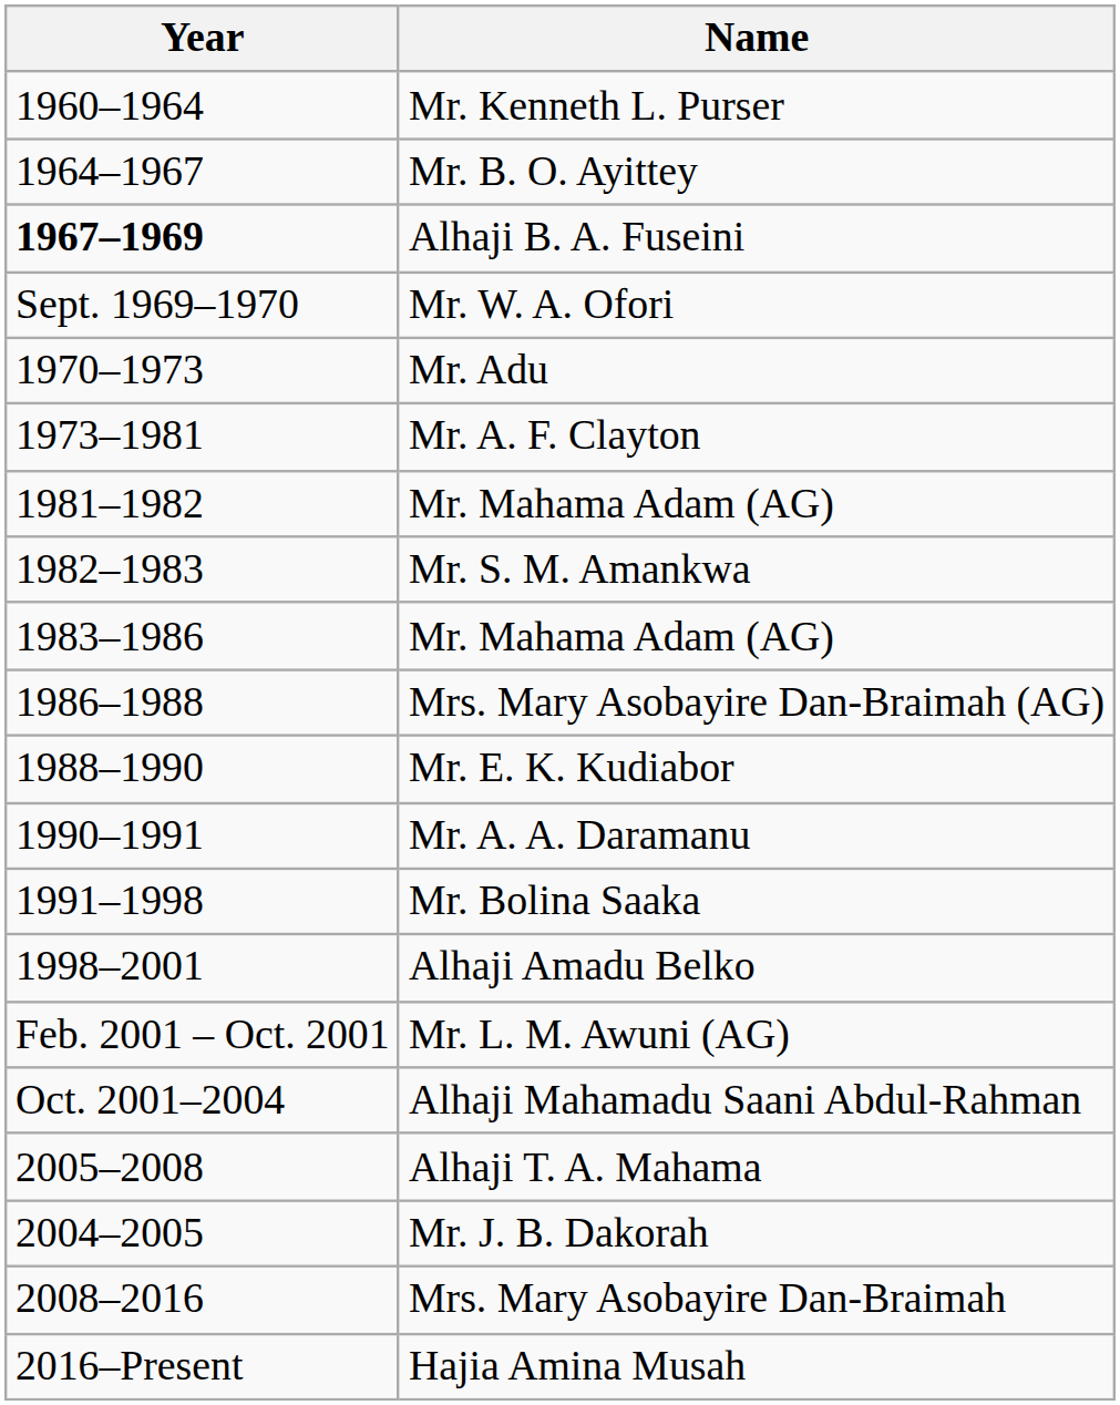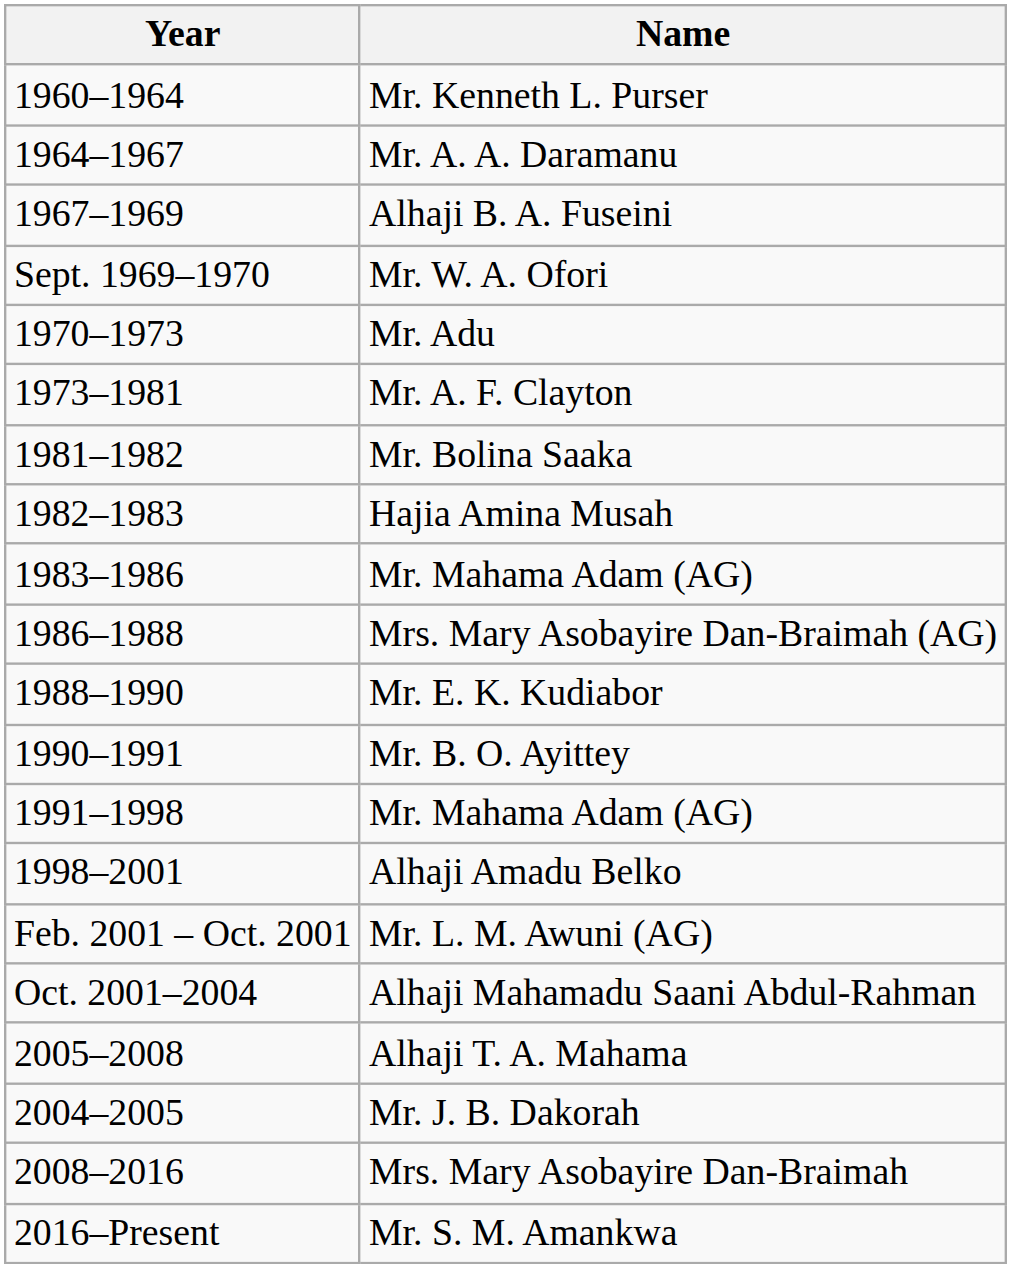 <table class="wikitable">
 <tr>
 <th>Year</th>
 <th>Name</th>
 </tr>
 <tr>
 <td>1960–1964</td>
 <td>Mr. Kenneth L. Purser</td>
 </tr>
 <tr>
 <td>1964–1967</td>
-<td>Mr. B. O. Ayittey</td>
+<td>Mr. A. A. Daramanu</td>
 </tr>
 <tr>
-<td><strong>1967–1969</strong></td>
+<td>1967–1969</td>
 <td>Alhaji B. A. Fuseini</td>
 </tr>
 <tr>
 <td>Sept. 1969–1970</td>
 <td>Mr. W. A. Ofori</td>
 </tr>
 <tr>
 <td>1970–1973</td>
 <td>Mr. Adu</td>
 </tr>
 <tr>
 <td>1973–1981</td>
 <td>Mr. A. F. Clayton</td>
 </tr>
 <tr>
 <td>1981–1982</td>
-<td>Mr. Mahama Adam (AG)</td>
+<td>Mr. Bolina Saaka</td>
 </tr>
 <tr>
 <td>1982–1983</td>
-<td>Mr. S. M. Amankwa</td>
+<td>Hajia Amina Musah</td>
 </tr>
 <tr>
 <td>1983–1986</td>
 <td>Mr. Mahama Adam (AG)</td>
 </tr>
 <tr>
 <td>1986–1988</td>
 <td>Mrs. Mary Asobayire Dan-Braimah (AG)</td>
 </tr>
 <tr>
 <td>1988–1990</td>
 <td>Mr. E. K. Kudiabor</td>
 </tr>
 <tr>
 <td>1990–1991</td>
-<td>Mr. A. A. Daramanu</td>
+<td>Mr. B. O. Ayittey</td>
 </tr>
 <tr>
 <td>1991–1998</td>
-<td>Mr. Bolina Saaka</td>
+<td>Mr. Mahama Adam (AG)</td>
 </tr>
 <tr>
 <td>1998–2001</td>
 <td>Alhaji Amadu Belko</td>
 </tr>
 <tr>
 <td>Feb. 2001 – Oct. 2001</td>
 <td>Mr. L. M. Awuni (AG)</td>
 </tr>
 <tr>
 <td>Oct. 2001–2004</td>
 <td>Alhaji Mahamadu Saani Abdul-Rahman</td>
 </tr>
 <tr>
 <td>2005–2008</td>
 <td>Alhaji T. A. Mahama</td>
 </tr>
 <tr>
 <td>2004–2005</td>
 <td>Mr. J. B. Dakorah</td>
 </tr>
 <tr>
 <td>2008–2016</td>
 <td>Mrs. Mary Asobayire Dan-Braimah</td>
 </tr>
 <tr>
 <td>2016–Present</td>
-<td>Hajia Amina Musah</td>
+<td>Mr. S. M. Amankwa</td>
 </tr>
 </table>
